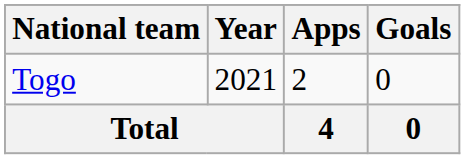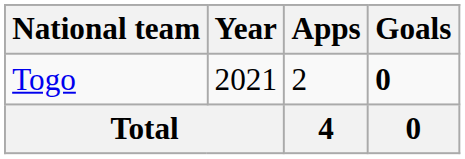 <table class="wikitable">
 <tr>
 <th>National team</th>
 <th>Year</th>
 <th>Apps</th>
 <th>Goals</th>
 </tr>
 <tr>
 <td><a href='#'>Togo</a></td>
 <td>2021</td>
 <td>2</td>
-<td>0</td>
+<td><strong>0</strong></td>
 </tr>
 <tr>
 <th colspan="2">Total</th>
 <th>4</th>
 <th>0</th>
 </tr>
 </table>
